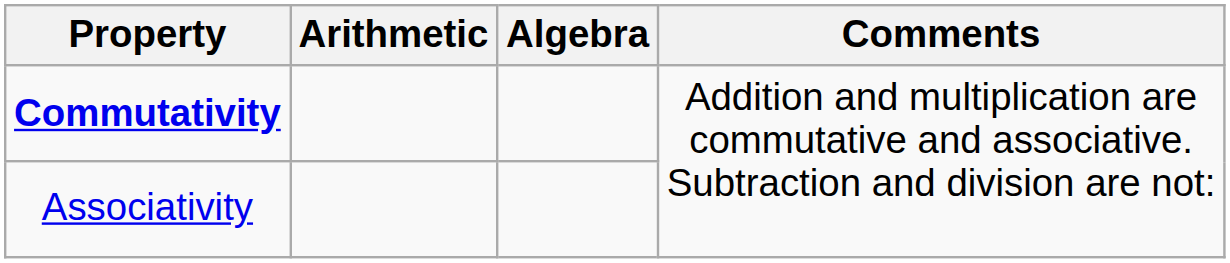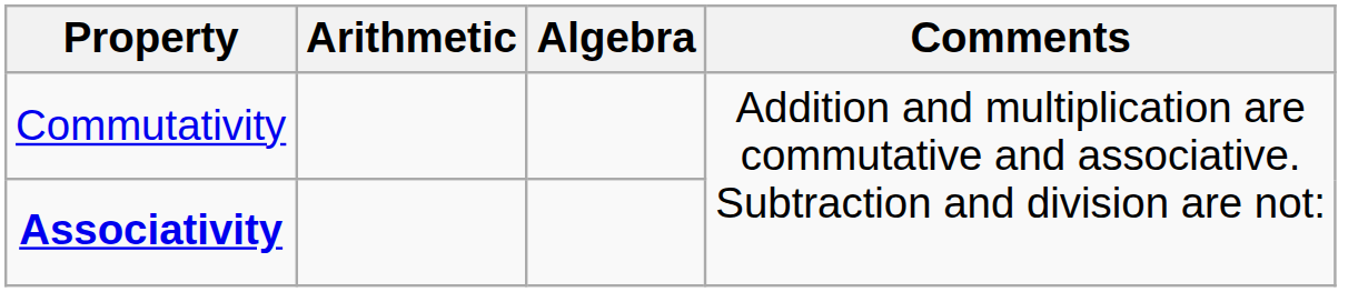 <table class="wikitable">
 <tr>
 <th>Property</th>
 <th>Arithmetic<br></th>
 <th>Algebra<br></th>
 <th>Comments<br></th>
 </tr>
 <tr align="center">
-<td><strong><a href='#'>Commutativity</a></strong></td>
+<td><a href='#'>Commutativity</a></td>
 <td><br></td>
 <td><br></td>
 <td rowspan=2>Addition and multiplication are<br>commutative and associative. <br>Subtraction and division are not:<br><br></td>
 </tr>
 <tr align="center">
-<td><a href='#'>Associativity</a></td>
+<td><strong><a href='#'>Associativity</a></strong></td>
 <td><br></td>
 <td><br></td>
 </tr>
 </table>
